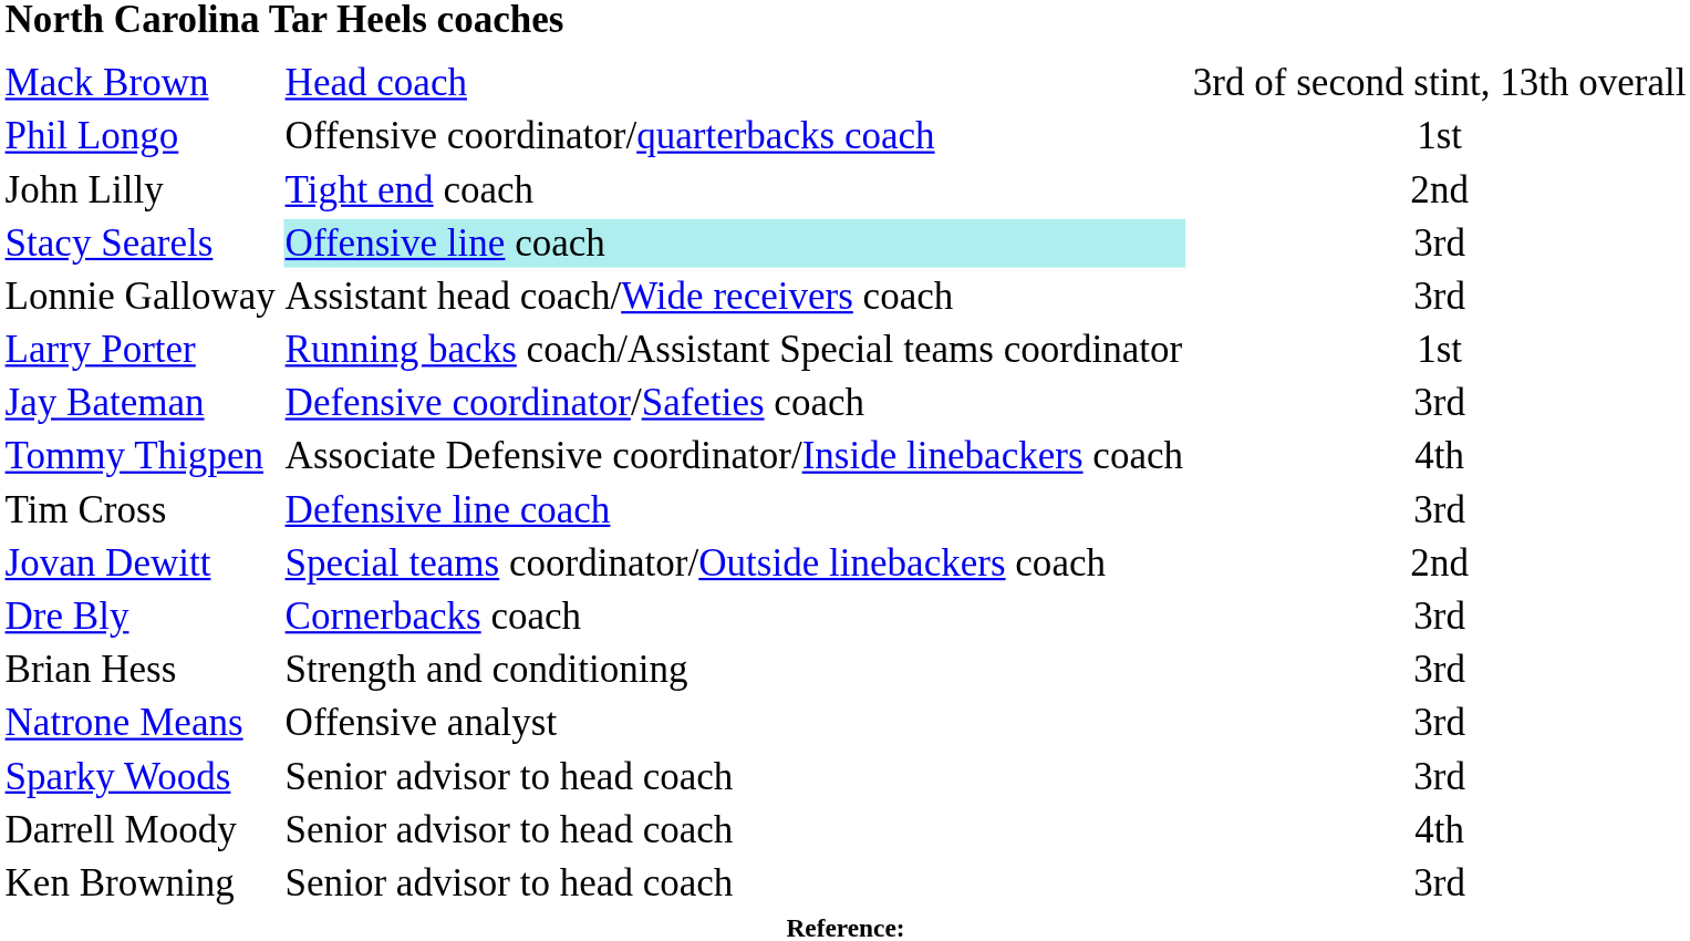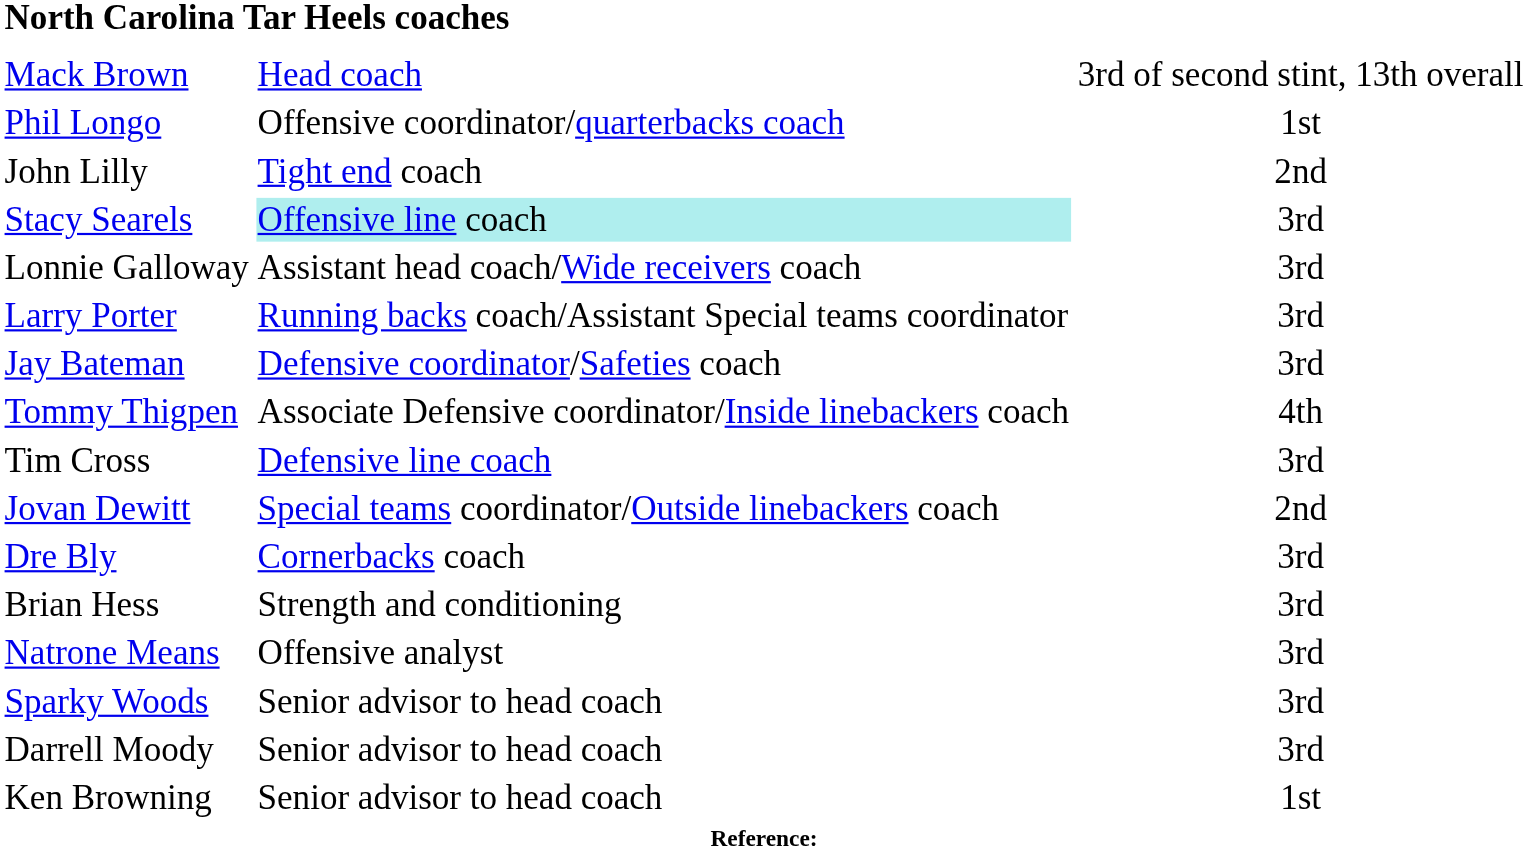 <table class="toccolours" style="text-align: left;">
 <tr>
 <td colspan="9"><strong>North Carolina Tar Heels coaches</strong></td>
 </tr>
 <tr>
 <td style="font-size: 95%;" valign="top"></td>
 </tr>
 <tr>
 <td><a href='#'>Mack Brown</a></td>
 <td><a href='#'>Head coach</a></td>
 <td align=center>3rd of second stint, 13th overall</td>
 </tr>
 <tr>
 <td><a href='#'>Phil Longo</a></td>
 <td>Offensive coordinator/<a href='#'>quarterbacks coach</a></td>
 <td align=center>1st</td>
 </tr>
 <tr>
 <td>John Lilly</td>
 <td><a href='#'>Tight end</a> coach</td>
 <td align=center>2nd</td>
 </tr>
 <tr>
 <td><a href='#'>Stacy Searels</a></td>
 <td style="background: paleturquoise;"><a href='#'>Offensive line</a> coach</td>
 <td align=center>3rd</td>
 </tr>
 <tr>
 <td>Lonnie Galloway</td>
 <td>Assistant head coach/<a href='#'>Wide receivers</a> coach</td>
 <td align=center>3rd</td>
 </tr>
 <tr>
 <td><a href='#'>Larry Porter</a></td>
 <td><a href='#'>Running backs</a> coach/Assistant Special teams coordinator</td>
-<td align=center>1st</td>
+<td align=center>3rd</td>
 </tr>
 <tr>
 <td><a href='#'>Jay Bateman</a></td>
 <td><a href='#'>Defensive coordinator</a>/<a href='#'>Safeties</a> coach</td>
 <td align=center>3rd</td>
 </tr>
 <tr>
 <td><a href='#'>Tommy Thigpen</a></td>
 <td>Associate Defensive coordinator/<a href='#'>Inside linebackers</a> coach</td>
 <td align=center>4th</td>
 </tr>
 <tr>
 <td>Tim Cross</td>
 <td><a href='#'>Defensive line coach</a></td>
 <td align=center>3rd</td>
 </tr>
 <tr>
 <td><a href='#'>Jovan Dewitt</a></td>
 <td><a href='#'>Special teams</a> coordinator/<a href='#'>Outside linebackers</a> coach</td>
 <td align=center>2nd</td>
 </tr>
 <tr>
 <td><a href='#'>Dre Bly</a></td>
 <td><a href='#'>Cornerbacks</a> coach</td>
 <td align=center>3rd</td>
 </tr>
 <tr>
 <td>Brian Hess</td>
 <td>Strength and conditioning</td>
 <td align=center>3rd</td>
 </tr>
 <tr>
 <td><a href='#'>Natrone Means</a></td>
 <td>Offensive analyst</td>
 <td align=center>3rd</td>
 </tr>
 <tr>
 <td><a href='#'>Sparky Woods</a></td>
 <td>Senior advisor to head coach</td>
 <td align=center>3rd</td>
 </tr>
 <tr>
 <td>Darrell Moody</td>
 <td>Senior advisor to head coach</td>
-<td align=center>4th</td>
+<td align=center>3rd</td>
 </tr>
 <tr>
 <td>Ken Browning</td>
 <td>Senior advisor to head coach</td>
-<td align=center>3rd</td>
+<td align=center>1st</td>
 </tr>
 <tr>
 <td colspan="4"  style="font-size:8pt; text-align:center;"><strong>Reference:</strong></td>
 </tr>
 </table>
